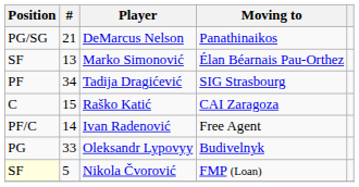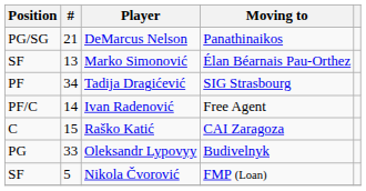 <table class="wikitable sortable" style="text-align: left;">
 <tr>
 <th>Position</th>
 <th>#</th>
 <th>Player</th>
 <th>Moving to</th>
 <th></th>
 </tr>
 <tr>
 <td>PG/SG</td>
 <td>21</td>
 <td> <a href='#'>DeMarcus Nelson</a></td>
 <td> <a href='#'>Panathinaikos</a></td>
 <td></td>
 </tr>
 <tr>
 <td>SF</td>
 <td>13</td>
 <td> <a href='#'>Marko Simonović</a></td>
 <td> <a href='#'>Élan Béarnais Pau-Orthez</a></td>
 <td></td>
 </tr>
 <tr>
 <td>PF</td>
 <td>34</td>
 <td> <a href='#'>Tadija Dragićević</a></td>
 <td> <a href='#'>SIG Strasbourg</a></td>
 <td></td>
 </tr>
 <tr>
+<td>PF/C</td>
+<td>14</td>
+<td> <a href='#'>Ivan Radenović</a></td>
+<td> Free Agent</td>
+<td></td>
+</tr>
+<tr>
 <td>C</td>
 <td>15</td>
 <td> <a href='#'>Raško Katić</a></td>
 <td> <a href='#'>CAI Zaragoza</a></td>
-<td></td>
-</tr>
-<tr>
-<td>PF/C</td>
-<td>14</td>
-<td> <a href='#'>Ivan Radenović</a></td>
-<td> Free Agent</td>
 <td></td>
 </tr>
 <tr>
 <td>PG</td>
 <td>33</td>
 <td> <a href='#'>Oleksandr Lypovyy</a></td>
 <td> <a href='#'>Budivelnyk</a></td>
 <td></td>
 </tr>
 <tr>
-<td style="background: lightyellow;">SF</td>
+<td>SF</td>
 <td>5</td>
 <td> <a href='#'>Nikola Čvorović</a></td>
 <td> <a href='#'>FMP</a> <small>(Loan)</small></td>
 <td></td>
 </tr>
 <tr>
 </tr>
 </table>
